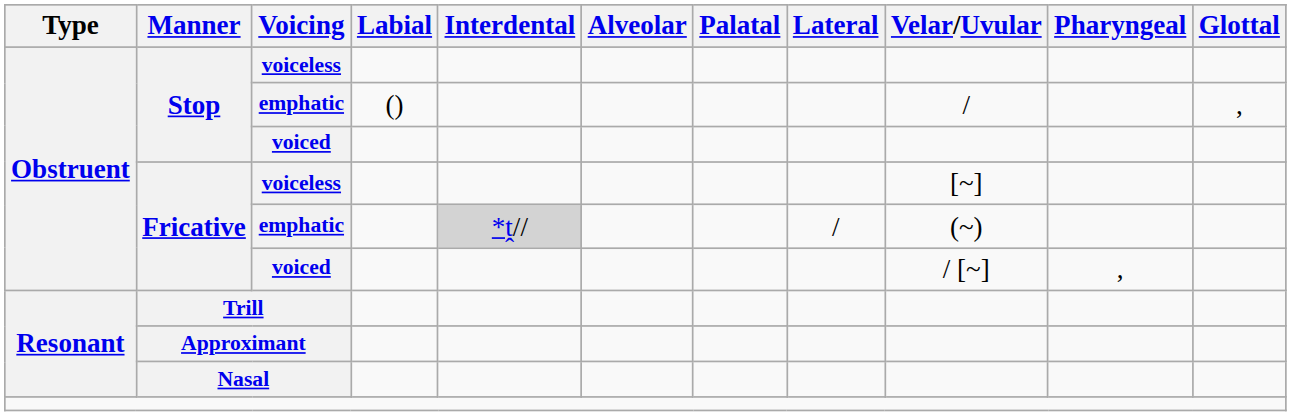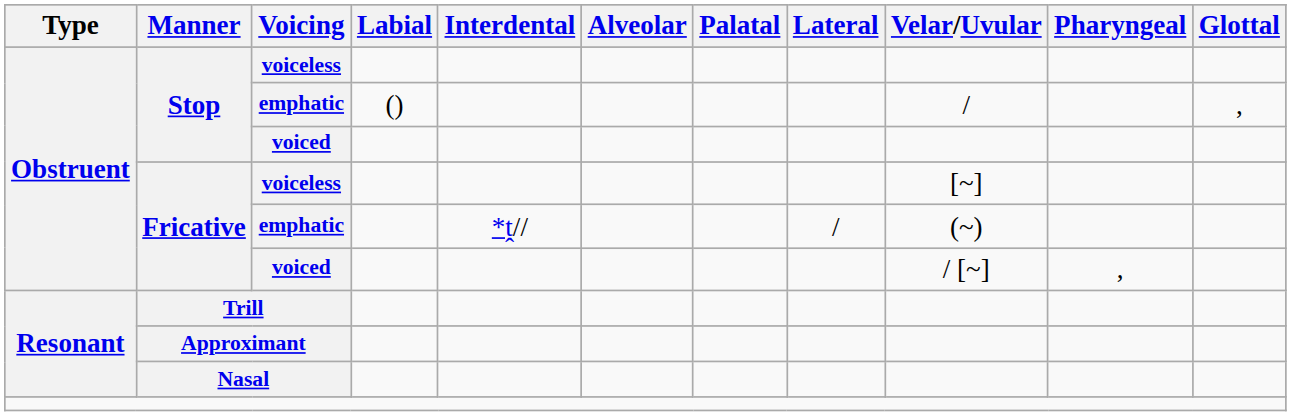 <table class="wikitable" style="text-align: center;">
 <tr>
 <th>Type</th>
 <th><a href='#'>Manner</a></th>
 <th><a href='#'>Voicing</a></th>
 <th><a href='#'>Labial</a></th>
 <th><a href='#'>Interdental</a></th>
 <th><a href='#'>Alveolar</a></th>
 <th><a href='#'>Palatal</a></th>
 <th><a href='#'>Lateral</a></th>
 <th><a href='#'>Velar</a>/<a href='#'>Uvular</a></th>
 <th><a href='#'>Pharyngeal</a></th>
 <th><a href='#'>Glottal</a></th>
 </tr>
 <tr>
 <th rowspan="6"><a href='#'>Obstruent</a></th>
 <th rowspan="3"><a href='#'>Stop</a></th>
 <th style="font-size: 80%;"><a href='#'>voiceless</a></th>
 <td> </td>
 <td></td>
 <td> </td>
 <td></td>
 <td></td>
 <td> </td>
 <td></td>
 <td></td>
 </tr>
 <tr>
 <th style="font-size: 80%;"><a href='#'>emphatic</a></th>
 <td>()</td>
 <td></td>
 <td> </td>
 <td></td>
 <td></td>
 <td>/ </td>
 <td></td>
 <td>, </td>
 </tr>
 <tr>
 <th style="font-size: 80%;"><a href='#'>voiced</a></th>
 <td> </td>
 <td></td>
 <td> </td>
 <td></td>
 <td></td>
 <td> </td>
 <td></td>
 <td></td>
 </tr>
 <tr>
 <th rowspan="3"><a href='#'>Fricative</a></th>
 <th style="font-size: 80%;"><a href='#'>voiceless</a></th>
 <td></td>
 <td> </td>
 <td> </td>
 <td> </td>
 <td> </td>
 <td> [~]</td>
 <td> </td>
 <td> </td>
 </tr>
 <tr>
 <th style="font-size: 80%;"><a href='#'>emphatic</a></th>
 <td></td>
-<td style="background: lightgrey;"><a href='#'>*ṱ</a>// </td>
+<td><a href='#'>*ṱ</a>// </td>
 <td> </td>
 <td></td>
 <td>/ </td>
 <td>(~)</td>
 <td></td>
 <td></td>
 </tr>
 <tr>
 <th style="font-size: 80%;"><a href='#'>voiced</a></th>
 <td></td>
 <td> </td>
 <td> </td>
 <td></td>
 <td></td>
 <td>/ [~]</td>
 <td>, </td>
 <td></td>
 </tr>
 <tr>
 <th rowspan="3"><a href='#'>Resonant</a></th>
 <th colspan="2" style="font-size: 80%;"><a href='#'>Trill</a></th>
 <td></td>
 <td></td>
 <td> </td>
 <td></td>
 <td></td>
 <td></td>
 <td></td>
 <td></td>
 </tr>
 <tr>
 <th colspan="2" style="font-size: 80%;"><a href='#'>Approximant</a></th>
 <td> </td>
 <td></td>
 <td></td>
 <td> </td>
 <td> </td>
 <td></td>
 <td></td>
 <td></td>
 </tr>
 <tr>
 <th colspan="2" style="font-size: 80%;"><a href='#'>Nasal</a></th>
 <td> </td>
 <td></td>
 <td> </td>
 <td></td>
 <td></td>
 <td></td>
 <td></td>
 <td></td>
 </tr>
 <tr>
 <td colspan="11"></td>
 </tr>
 </table>
